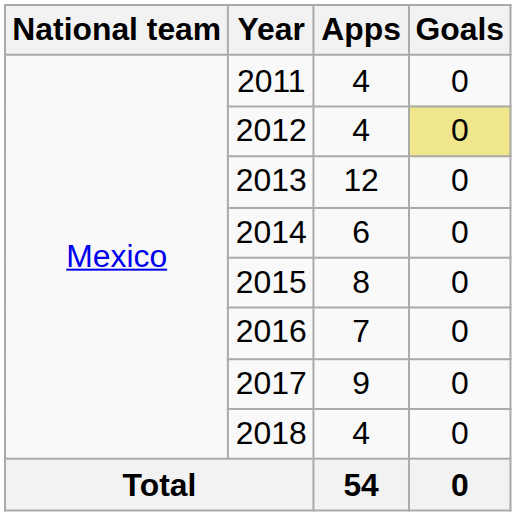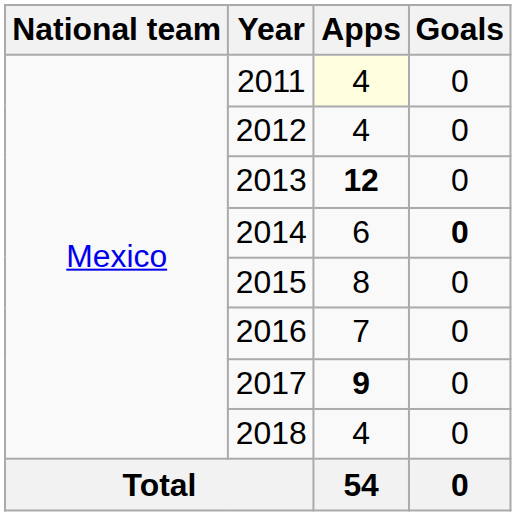 <table class="wikitable" style="text-align:center">
 <tr>
 <th>National team</th>
 <th>Year</th>
 <th>Apps</th>
 <th>Goals</th>
 </tr>
 <tr>
 <td rowspan="8"><a href='#'>Mexico</a></td>
 <td>2011</td>
-<td>4</td>
+<td style="background: lightyellow;">4</td>
 <td>0</td>
 </tr>
 <tr>
 <td>2012</td>
 <td>4</td>
-<td style="background: khaki;">0</td>
+<td>0</td>
 </tr>
 <tr>
 <td>2013</td>
-<td>12</td>
+<td><strong>12</strong></td>
 <td>0</td>
 </tr>
 <tr>
 <td>2014</td>
 <td>6</td>
-<td>0</td>
+<td><strong>0</strong></td>
 </tr>
 <tr>
 <td>2015</td>
 <td>8</td>
 <td>0</td>
 </tr>
 <tr>
 <td>2016</td>
 <td>7</td>
 <td>0</td>
 </tr>
 <tr>
 <td>2017</td>
-<td>9</td>
+<td><strong>9</strong></td>
 <td>0</td>
 </tr>
 <tr>
 <td>2018</td>
 <td>4</td>
 <td>0</td>
 </tr>
 <tr>
 <th colspan="2">Total</th>
 <th>54</th>
 <th>0</th>
 </tr>
 </table>
